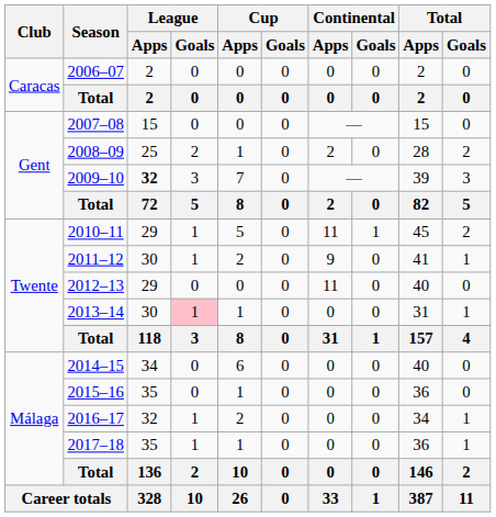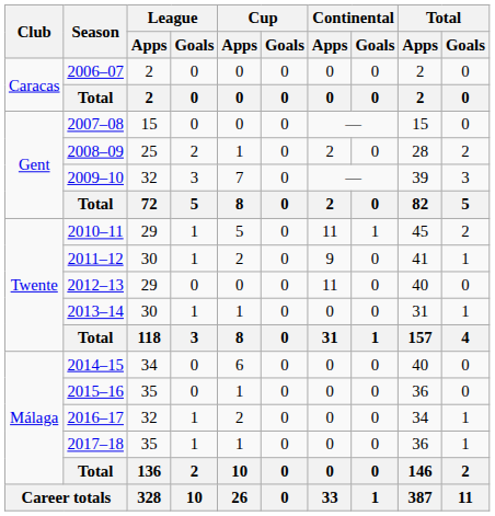 <table class="wikitable" style="font-size:95%; text-align: center;">
 <tr>
 <th rowspan="2">Club</th>
 <th rowspan="2">Season</th>
 <th colspan="2">League</th>
 <th colspan="2">Cup</th>
 <th colspan="2">Continental</th>
 <th colspan="2">Total</th>
 </tr>
 <tr>
 <th>Apps</th>
 <th>Goals</th>
 <th>Apps</th>
 <th>Goals</th>
 <th>Apps</th>
 <th>Goals</th>
 <th>Apps</th>
 <th>Goals</th>
 </tr>
 <tr>
 <td rowspan="2" valign="center"><a href='#'>Caracas</a></td>
 <td><a href='#'>2006–07</a></td>
 <td>2</td>
 <td>0</td>
 <td>0</td>
 <td>0</td>
 <td>0</td>
 <td>0</td>
 <td>2</td>
 <td>0</td>
 </tr>
 <tr>
 <th>Total</th>
 <th>2</th>
 <th>0</th>
 <th>0</th>
 <th>0</th>
 <th>0</th>
 <th>0</th>
 <th>2</th>
 <th>0</th>
 </tr>
 <tr>
 <td rowspan="4" valign="center"><a href='#'>Gent</a></td>
 <td><a href='#'>2007–08</a></td>
 <td>15</td>
 <td>0</td>
 <td>0</td>
 <td>0</td>
 <td colspan="2">—</td>
 <td>15</td>
 <td>0</td>
 </tr>
 <tr>
 <td><a href='#'>2008–09</a></td>
 <td>25</td>
 <td>2</td>
 <td>1</td>
 <td>0</td>
 <td>2</td>
 <td>0</td>
 <td>28</td>
 <td>2</td>
 </tr>
 <tr>
 <td><a href='#'>2009–10</a></td>
-<td><strong>32</strong></td>
+<td>32</td>
 <td>3</td>
 <td>7</td>
 <td>0</td>
 <td colspan="2">—</td>
 <td>39</td>
 <td>3</td>
 </tr>
 <tr>
 <th>Total</th>
 <th>72</th>
 <th>5</th>
 <th>8</th>
 <th>0</th>
 <th>2</th>
 <th>0</th>
 <th>82</th>
 <th>5</th>
 </tr>
 <tr>
 <td rowspan="5" valign="center"><a href='#'>Twente</a></td>
 <td><a href='#'>2010–11</a></td>
 <td>29</td>
 <td>1</td>
 <td>5</td>
 <td>0</td>
 <td>11</td>
 <td>1</td>
 <td>45</td>
 <td>2</td>
 </tr>
 <tr>
 <td><a href='#'>2011–12</a></td>
 <td>30</td>
 <td>1</td>
 <td>2</td>
 <td>0</td>
 <td>9</td>
 <td>0</td>
 <td>41</td>
 <td>1</td>
 </tr>
 <tr>
 <td><a href='#'>2012–13</a></td>
 <td>29</td>
 <td>0</td>
 <td>0</td>
 <td>0</td>
 <td>11</td>
 <td>0</td>
 <td>40</td>
 <td>0</td>
 </tr>
 <tr>
 <td><a href='#'>2013–14</a></td>
 <td>30</td>
-<td style="background: pink;">1</td>
+<td>1</td>
 <td>1</td>
 <td>0</td>
 <td>0</td>
 <td>0</td>
 <td>31</td>
 <td>1</td>
 </tr>
 <tr>
 <th>Total</th>
 <th>118</th>
 <th>3</th>
 <th>8</th>
 <th>0</th>
 <th>31</th>
 <th>1</th>
 <th>157</th>
 <th>4</th>
 </tr>
 <tr>
 <td rowspan="5" valign="center"><a href='#'>Málaga</a></td>
 <td><a href='#'>2014–15</a></td>
 <td>34</td>
 <td>0</td>
 <td>6</td>
 <td>0</td>
 <td>0</td>
 <td>0</td>
 <td>40</td>
 <td>0</td>
 </tr>
 <tr>
 <td><a href='#'>2015–16</a></td>
 <td>35</td>
 <td>0</td>
 <td>1</td>
 <td>0</td>
 <td>0</td>
 <td>0</td>
 <td>36</td>
 <td>0</td>
 </tr>
 <tr>
 <td><a href='#'>2016–17</a></td>
 <td>32</td>
 <td>1</td>
 <td>2</td>
 <td>0</td>
 <td>0</td>
 <td>0</td>
 <td>34</td>
 <td>1</td>
 </tr>
 <tr>
 <td><a href='#'>2017–18</a></td>
 <td>35</td>
 <td>1</td>
 <td>1</td>
 <td>0</td>
 <td>0</td>
 <td>0</td>
 <td>36</td>
 <td>1</td>
 </tr>
 <tr>
 <th>Total</th>
 <th>136</th>
 <th>2</th>
 <th>10</th>
 <th>0</th>
 <th>0</th>
 <th>0</th>
 <th>146</th>
 <th>2</th>
 </tr>
 <tr>
 <th colspan="2">Career totals</th>
 <th>328</th>
 <th>10</th>
 <th>26</th>
 <th>0</th>
 <th>33</th>
 <th>1</th>
 <th>387</th>
 <th>11</th>
 </tr>
 </table>
